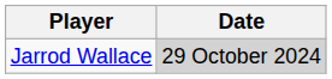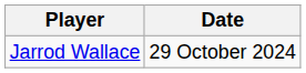 <table class="wikitable">
 <tr>
 <th>Player</th>
 <th>Date</th>
 </tr>
 <tr>
 <td> <a href='#'>Jarrod Wallace</a></td>
-<td style="background: lightgrey;">29 October 2024</td>
+<td>29 October 2024</td>
 </tr>
 </table>
